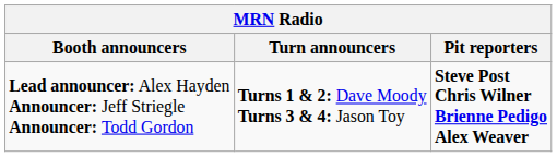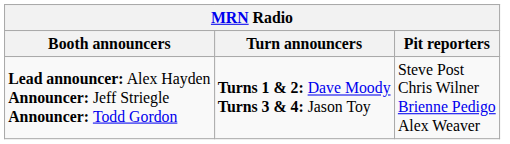 <table class="wikitable" style="font-size: 95%;">
 <tr>
 <th colspan="3"><a href='#'>MRN</a> Radio</th>
 </tr>
 <tr>
 <th>Booth announcers</th>
 <th>Turn announcers</th>
 <th>Pit reporters</th>
 </tr>
 <tr>
 <td><strong>Lead announcer:</strong> Alex Hayden<br><strong>Announcer:</strong> Jeff Striegle<br><strong>Announcer: </strong><a href='#'>Todd Gordon</a></td>
 <td><strong>Turns 1 & 2:</strong> <a href='#'>Dave Moody</a><br><strong>Turns 3 & 4:</strong> Jason Toy</td>
-<td><strong>Steve Post<br>Chris Wilner<br><a href='#'>Brienne Pedigo</a><br>Alex Weaver</strong></td>
+<td>Steve Post<br>Chris Wilner<br><a href='#'>Brienne Pedigo</a><br>Alex Weaver</td>
 </tr>
 </table>
